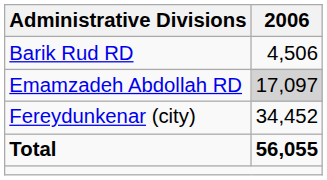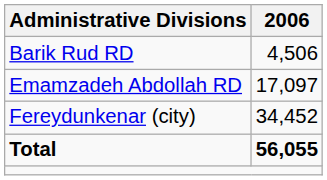 <table class="wikitable">
 <tr>
 <th>Administrative Divisions</th>
 <th>2006</th>
 </tr>
 <tr>
 <td><a href='#'>Barik Rud RD</a></td>
 <td style="text-align: right;">4,506</td>
 </tr>
 <tr>
 <td><a href='#'>Emamzadeh Abdollah RD</a></td>
-<td style="background: lightgrey; text-align: right;">17,097</td>
+<td style="text-align: right;">17,097</td>
 </tr>
 <tr>
 <td><a href='#'>Fereydunkenar</a> (city)</td>
 <td style="text-align: right;">34,452</td>
 </tr>
 <tr>
 <td><strong>Total</strong></td>
 <td style="text-align: right;"><strong>56,055</strong></td>
 </tr>
 <tr>
 <td colspan=2></td>
 </tr>
 </table>
